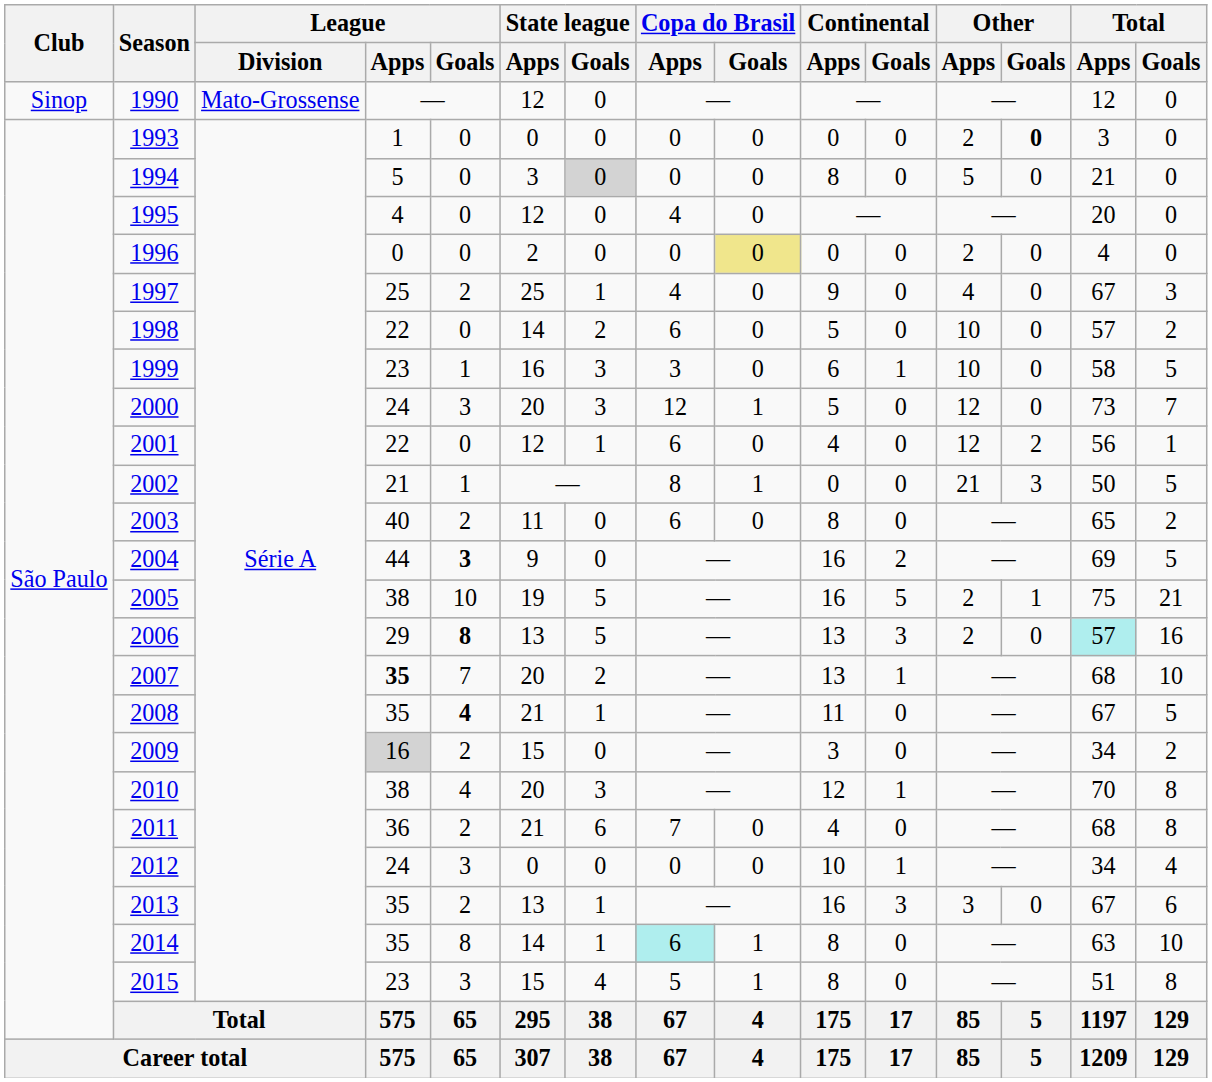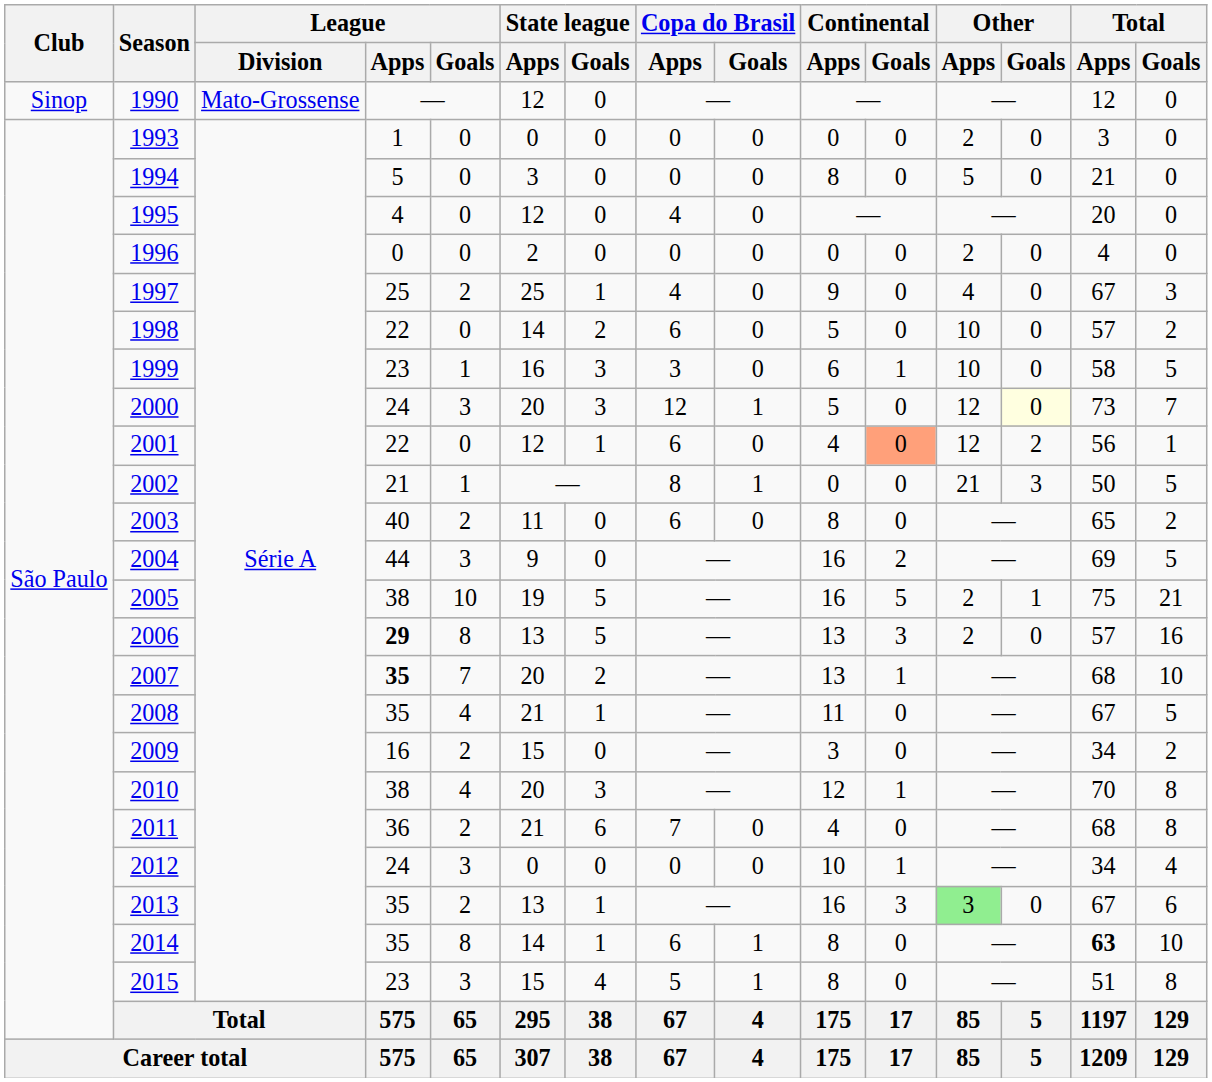 <table class="wikitable" style="text-align:center">
 <tr>
 <th rowspan="2">Club</th>
 <th rowspan="2">Season</th>
 <th colspan="3">League</th>
 <th colspan="2">State league</th>
 <th colspan="2"><a href='#'>Copa do Brasil</a></th>
 <th colspan="2">Continental</th>
 <th colspan="2">Other</th>
 <th colspan="2">Total</th>
 </tr>
 <tr>
 <th>Division</th>
 <th>Apps</th>
 <th>Goals</th>
 <th>Apps</th>
 <th>Goals</th>
 <th>Apps</th>
 <th>Goals</th>
 <th>Apps</th>
 <th>Goals</th>
 <th>Apps</th>
 <th>Goals</th>
 <th>Apps</th>
 <th>Goals</th>
 </tr>
 <tr>
 <td><a href='#'>Sinop</a></td>
 <td><a href='#'>1990</a></td>
 <td><a href='#'>Mato-Grossense</a></td>
 <td colspan="2">—</td>
 <td>12</td>
 <td>0</td>
 <td colspan="2">—</td>
 <td colspan="2">—</td>
 <td colspan="2">—</td>
 <td>12</td>
 <td>0</td>
 </tr>
 <tr>
 <td rowspan="24"><a href='#'>São Paulo</a></td>
 <td><a href='#'>1993</a></td>
 <td rowspan="23"><a href='#'>Série A</a></td>
 <td>1</td>
 <td>0</td>
 <td>0</td>
 <td>0</td>
 <td>0</td>
 <td>0</td>
 <td>0</td>
 <td>0</td>
 <td>2</td>
-<td><strong>0</strong></td>
+<td>0</td>
 <td>3</td>
 <td>0</td>
 </tr>
 <tr>
 <td><a href='#'>1994</a></td>
 <td>5</td>
 <td>0</td>
 <td>3</td>
-<td style="background: lightgrey;">0</td>
+<td>0</td>
 <td>0</td>
 <td>0</td>
 <td>8</td>
 <td>0</td>
 <td>5</td>
 <td>0</td>
 <td>21</td>
 <td>0</td>
 </tr>
 <tr>
 <td><a href='#'>1995</a></td>
 <td>4</td>
 <td>0</td>
 <td>12</td>
 <td>0</td>
 <td>4</td>
 <td>0</td>
 <td colspan="2">—</td>
 <td colspan="2">—</td>
 <td>20</td>
 <td>0</td>
 </tr>
 <tr>
 <td><a href='#'>1996</a></td>
 <td>0</td>
 <td>0</td>
 <td>2</td>
 <td>0</td>
 <td>0</td>
-<td style="background: khaki;">0</td>
+<td>0</td>
 <td>0</td>
 <td>0</td>
 <td>2</td>
 <td>0</td>
 <td>4</td>
 <td>0</td>
 </tr>
 <tr>
 <td><a href='#'>1997</a></td>
 <td>25</td>
 <td>2</td>
 <td>25</td>
 <td>1</td>
 <td>4</td>
 <td>0</td>
 <td>9</td>
 <td>0</td>
 <td>4</td>
 <td>0</td>
 <td>67</td>
 <td>3</td>
 </tr>
 <tr>
 <td><a href='#'>1998</a></td>
 <td>22</td>
 <td>0</td>
 <td>14</td>
 <td>2</td>
 <td>6</td>
 <td>0</td>
 <td>5</td>
 <td>0</td>
 <td>10</td>
 <td>0</td>
 <td>57</td>
 <td>2</td>
 </tr>
 <tr>
 <td><a href='#'>1999</a></td>
 <td>23</td>
 <td>1</td>
 <td>16</td>
 <td>3</td>
 <td>3</td>
 <td>0</td>
 <td>6</td>
 <td>1</td>
 <td>10</td>
 <td>0</td>
 <td>58</td>
 <td>5</td>
 </tr>
 <tr>
 <td><a href='#'>2000</a></td>
 <td>24</td>
 <td>3</td>
 <td>20</td>
 <td>3</td>
 <td>12</td>
 <td>1</td>
 <td>5</td>
 <td>0</td>
 <td>12</td>
-<td>0</td>
+<td style="background: lightyellow;">0</td>
 <td>73</td>
 <td>7</td>
 </tr>
 <tr>
 <td><a href='#'>2001</a></td>
 <td>22</td>
 <td>0</td>
 <td>12</td>
 <td>1</td>
 <td>6</td>
 <td>0</td>
 <td>4</td>
-<td>0</td>
+<td style="background: lightsalmon;">0</td>
 <td>12</td>
 <td>2</td>
 <td>56</td>
 <td>1</td>
 </tr>
 <tr>
 <td><a href='#'>2002</a></td>
 <td>21</td>
 <td>1</td>
 <td colspan="2">—</td>
 <td>8</td>
 <td>1</td>
 <td>0</td>
 <td>0</td>
 <td>21</td>
 <td>3</td>
 <td>50</td>
 <td>5</td>
 </tr>
 <tr>
 <td><a href='#'>2003</a></td>
 <td>40</td>
 <td>2</td>
 <td>11</td>
 <td>0</td>
 <td>6</td>
 <td>0</td>
 <td>8</td>
 <td>0</td>
 <td colspan="2">—</td>
 <td>65</td>
 <td>2</td>
 </tr>
 <tr>
 <td><a href='#'>2004</a></td>
 <td>44</td>
-<td><strong>3</strong></td>
+<td>3</td>
 <td>9</td>
 <td>0</td>
 <td colspan="2">—</td>
 <td>16</td>
 <td>2</td>
 <td colspan="2">—</td>
 <td>69</td>
 <td>5</td>
 </tr>
 <tr>
 <td><a href='#'>2005</a></td>
 <td>38</td>
 <td>10</td>
 <td>19</td>
 <td>5</td>
 <td colspan="2">—</td>
 <td>16</td>
 <td>5</td>
 <td>2</td>
 <td>1</td>
 <td>75</td>
 <td>21</td>
 </tr>
 <tr>
 <td><a href='#'>2006</a></td>
-<td>29</td>
-<td><strong>8</strong></td>
+<td><strong>29</strong></td>
+<td>8</td>
 <td>13</td>
 <td>5</td>
 <td colspan="2">—</td>
 <td>13</td>
 <td>3</td>
 <td>2</td>
 <td>0</td>
-<td style="background: paleturquoise;">57</td>
+<td>57</td>
 <td>16</td>
 </tr>
 <tr>
 <td><a href='#'>2007</a></td>
 <td><strong>35</strong></td>
 <td>7</td>
 <td>20</td>
 <td>2</td>
 <td colspan="2">—</td>
 <td>13</td>
 <td>1</td>
 <td colspan="2">—</td>
 <td>68</td>
 <td>10</td>
 </tr>
 <tr>
 <td><a href='#'>2008</a></td>
 <td>35</td>
-<td><strong>4</strong></td>
+<td>4</td>
 <td>21</td>
 <td>1</td>
 <td colspan="2">—</td>
 <td>11</td>
 <td>0</td>
 <td colspan="2">—</td>
 <td>67</td>
 <td>5</td>
 </tr>
 <tr>
 <td><a href='#'>2009</a></td>
-<td style="background: lightgrey;">16</td>
+<td>16</td>
 <td>2</td>
 <td>15</td>
 <td>0</td>
 <td colspan="2">—</td>
 <td>3</td>
 <td>0</td>
 <td colspan="2">—</td>
 <td>34</td>
 <td>2</td>
 </tr>
 <tr>
 <td><a href='#'>2010</a></td>
 <td>38</td>
 <td>4</td>
 <td>20</td>
 <td>3</td>
 <td colspan="2">—</td>
 <td>12</td>
 <td>1</td>
 <td colspan="2">—</td>
 <td>70</td>
 <td>8</td>
 </tr>
 <tr>
 <td><a href='#'>2011</a></td>
 <td>36</td>
 <td>2</td>
 <td>21</td>
 <td>6</td>
 <td>7</td>
 <td>0</td>
 <td>4</td>
 <td>0</td>
 <td colspan="2">—</td>
 <td>68</td>
 <td>8</td>
 </tr>
 <tr>
 <td><a href='#'>2012</a></td>
 <td>24</td>
 <td>3</td>
 <td>0</td>
 <td>0</td>
 <td>0</td>
 <td>0</td>
 <td>10</td>
 <td>1</td>
 <td colspan="2">—</td>
 <td>34</td>
 <td>4</td>
 </tr>
 <tr>
 <td><a href='#'>2013</a></td>
 <td>35</td>
 <td>2</td>
 <td>13</td>
 <td>1</td>
 <td colspan="2">—</td>
 <td>16</td>
 <td>3</td>
-<td>3</td>
+<td style="background: lightgreen;">3</td>
 <td>0</td>
 <td>67</td>
 <td>6</td>
 </tr>
 <tr>
 <td><a href='#'>2014</a></td>
 <td>35</td>
 <td>8</td>
 <td>14</td>
 <td>1</td>
-<td style="background: paleturquoise;">6</td>
+<td>6</td>
 <td>1</td>
 <td>8</td>
 <td>0</td>
 <td colspan="2">—</td>
-<td>63</td>
+<td><strong>63</strong></td>
 <td>10</td>
 </tr>
 <tr>
 <td><a href='#'>2015</a></td>
 <td>23</td>
 <td>3</td>
 <td>15</td>
 <td>4</td>
 <td>5</td>
 <td>1</td>
 <td>8</td>
 <td>0</td>
 <td colspan="2">—</td>
 <td>51</td>
 <td>8</td>
 </tr>
 <tr>
 <th colspan="2">Total</th>
 <th>575</th>
 <th>65</th>
 <th>295</th>
 <th>38</th>
 <th>67</th>
 <th>4</th>
 <th>175</th>
 <th>17</th>
 <th>85</th>
 <th>5</th>
 <th>1197</th>
 <th>129</th>
 </tr>
 <tr>
 <th colspan="3">Career total</th>
 <th>575</th>
 <th>65</th>
 <th>307</th>
 <th>38</th>
 <th>67</th>
 <th>4</th>
 <th>175</th>
 <th>17</th>
 <th>85</th>
 <th>5</th>
 <th>1209</th>
 <th>129</th>
 </tr>
 </table>
